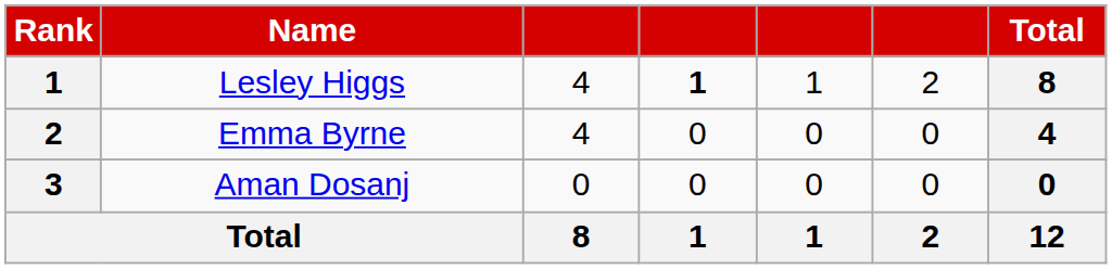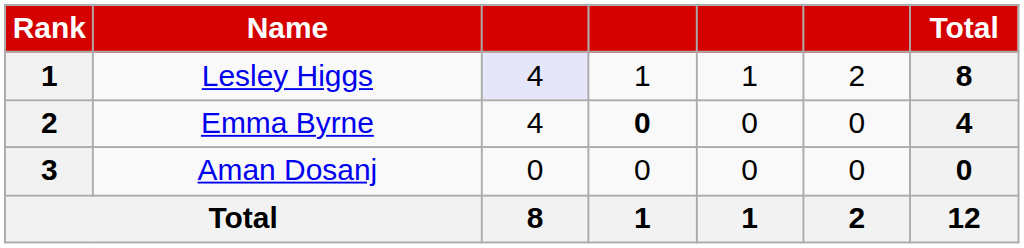 <table class="wikitable" style="text-align:center; font-size:100%; ">
 <tr>
 <th style="background:#d50000; color:white; text-align:center; width:40px">Rank</th>
 <th style="background:#d50000; color:white; text-align:center; width:200px">Name</th>
 <th style="background:#d50000; color:white; text-align:center; width:50px;"></th>
 <th style="background:#d50000; color:white; text-align:center; width:50px;"></th>
 <th style="background:#d50000; color:white; text-align:center; width:50px;"></th>
 <th style="background:#d50000; color:white; text-align:center; width:50px;"></th>
 <th style="background:#d50000; color:white; text-align:center; width:50px;">Total</th>
 </tr>
 <tr>
 <th>1</th>
 <td> <a href='#'>Lesley Higgs</a></td>
-<td>4</td>
-<td><strong>1</strong></td>
+<td style="background: lavender;">4</td>
+<td>1</td>
 <td>1</td>
 <td>2</td>
 <th>8</th>
 </tr>
 <tr>
 <th>2</th>
 <td> <a href='#'>Emma Byrne</a></td>
 <td>4</td>
-<td>0</td>
+<td><strong>0</strong></td>
 <td>0</td>
 <td>0</td>
 <th>4</th>
 </tr>
 <tr>
 <th>3</th>
 <td> <a href='#'>Aman Dosanj</a></td>
 <td>0</td>
 <td>0</td>
 <td>0</td>
 <td>0</td>
 <th>0</th>
 </tr>
 <tr>
 <th colspan="2">Total</th>
 <th>8</th>
 <th>1</th>
 <th>1</th>
 <th>2</th>
 <th>12</th>
 </tr>
 </table>
